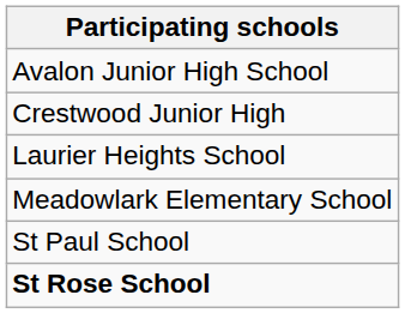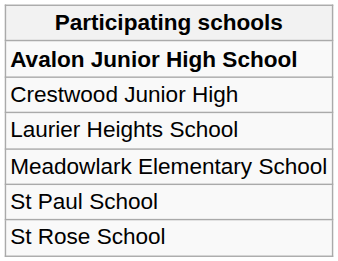 <table class="wikitable" align=right>
 <tr>
 <th>Participating schools</th>
 </tr>
 <tr>
-<td>Avalon Junior High School</td>
+<td><strong>Avalon Junior High School</strong></td>
 </tr>
 <tr>
 <td>Crestwood Junior High</td>
 </tr>
 <tr>
 <td>Laurier Heights School</td>
 </tr>
 <tr>
 <td>Meadowlark Elementary School</td>
 </tr>
 <tr>
 <td>St Paul School</td>
 </tr>
 <tr>
-<td><strong>St Rose School</strong></td>
+<td>St Rose School</td>
 </tr>
 </table>
